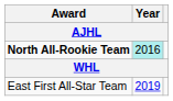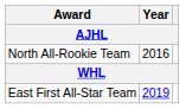 <table class="wikitable">
 <tr>
 <th>Award</th>
 <th>Year</th>
 <th></th>
 </tr>
 <tr ALIGN="center" bgcolor="#e0e0e0">
 <th colspan="3"><a href='#'>AJHL</a></th>
 </tr>
 <tr>
-<td><strong>North All-Rookie Team</strong></td>
-<td style="background: paleturquoise;">2016</td>
+<td>North All-Rookie Team</td>
+<td>2016</td>
 <td></td>
 </tr>
 <tr ALIGN="center" bgcolor="#e0e0e0">
 <th colspan="3"><a href='#'>WHL</a></th>
 </tr>
 <tr>
 <td>East First All-Star Team</td>
 <td><a href='#'>2019</a></td>
 <td></td>
 </tr>
 </table>
